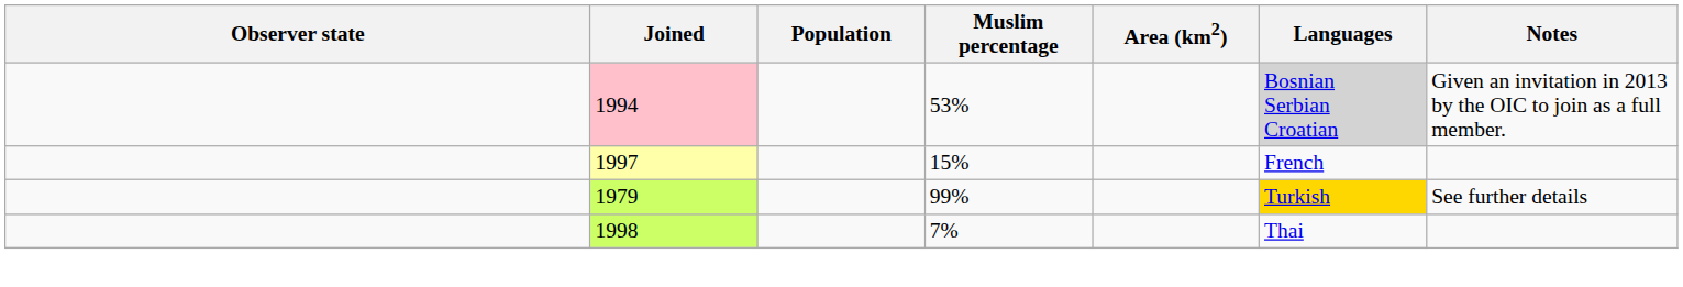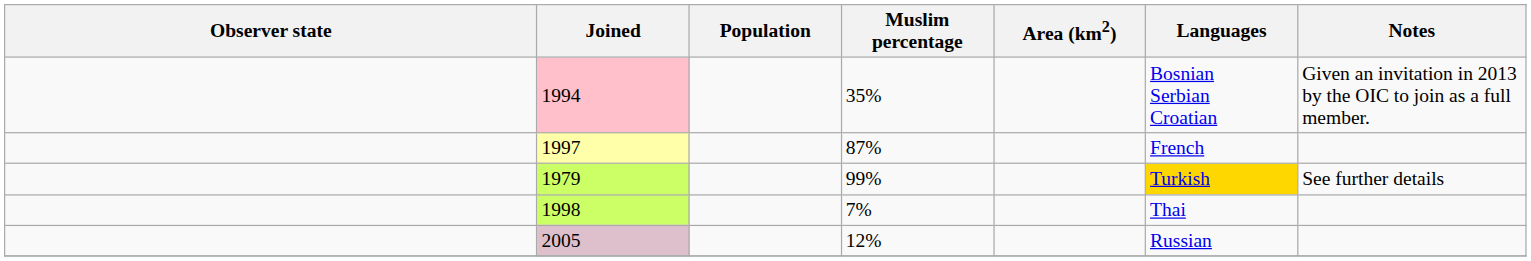 <table class="sortable wikitable" style="color:left; :95%; :collapse; :0 solid #aaa; :center">
 <tr>
 <th width=35%>Observer state<br></th>
 <th width=10%>Joined<br></th>
 <th width=10%>Population<br></th>
 <th width=10%>Muslim percentage<br></th>
 <th width=10%>Area (km<sup>2</sup>)<br></th>
 <th width=10%>Languages<br></th>
 <th class="unsortable">Notes</th>
 </tr>
 <tr>
 <td valign="top"></td>
 <td bgcolor="#FFC0CB">1994</td>
 <td></td>
-<td>53%</td>
+<td>35%</td>
 <td></td>
-<td style="background: lightgrey;"><a href='#'>Bosnian</a><br><a href='#'>Serbian</a><br><a href='#'>Croatian</a></td>
+<td><a href='#'>Bosnian</a><br><a href='#'>Serbian</a><br><a href='#'>Croatian</a></td>
 <td>Given an invitation in 2013 by the OIC to join as a full member.</td>
 </tr>
 <tr>
 <td valign="top"></td>
 <td bgcolor="#FFFFAA">1997</td>
 <td></td>
-<td>15%</td>
+<td>87%</td>
 <td></td>
 <td><a href='#'>French</a><br></td>
 </tr>
 <tr>
 <td valign="top"></td>
 <td bgcolor="#CCFF66">1979</td>
 <td></td>
 <td>99%</td>
 <td></td>
 <td style="background: gold;"><a href='#'>Turkish</a></td>
 <td>See further details</td>
 </tr>
 <tr>
 <td valign="top"></td>
 <td bgcolor="#CCFF66">1998</td>
 <td></td>
 <td>7%</td>
 <td></td>
 <td><a href='#'>Thai</a><br></td>
 </tr>
 <tr>
+<td valign="top"></td>
+<td bgcolor="#DDC0CB">2005</td>
+<td></td>
+<td>12%</td>
+<td></td>
+<td><a href='#'>Russian</a></td>
+<td></td>
+</tr>
+<tr>
 </tr>
 </table>
